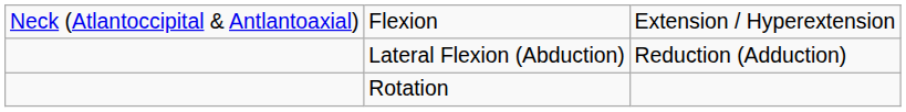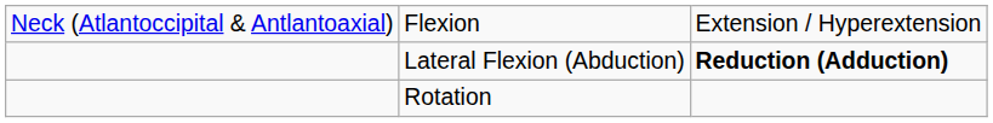 <table class="wikitable">
 <tr>
 <td><a href='#'>Neck</a> (<a href='#'>Atlantoccipital</a> & <a href='#'>Antlantoaxial</a>)</td>
 <td>Flexion</td>
 <td>Extension / Hyperextension</td>
 </tr>
 <tr>
 <td></td>
 <td>Lateral Flexion (Abduction)</td>
-<td>Reduction (Adduction)</td>
+<td><strong>Reduction (Adduction)</strong></td>
 </tr>
 <tr>
 <td></td>
 <td>Rotation</td>
 </tr>
 </table>
